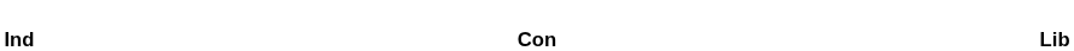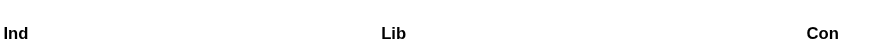 <table style="width:60%; text-align:center;">
 <tr style="color:white;">
 <td style="background:"><strong>23</strong></td>
+<td style="background:"><strong>2</strong></td>
 <td style="background:"><strong>17</strong></td>
-<td style="background:"><strong>2</strong></td>
 </tr>
 <tr>
 <td><span><strong>Ind</strong></span></td>
+<td><span><strong>Lib</strong></span></td>
 <td><span><strong>Con</strong></span></td>
-<td><span><strong>Lib</strong></span></td>
 </tr>
 </table>
